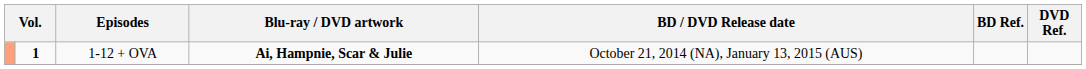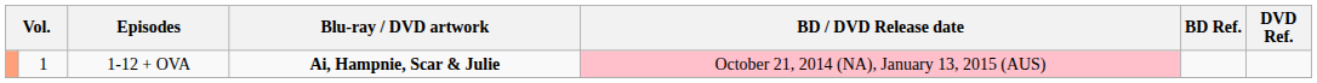 <table class="wikitable" style="text-align: center; width: 98%;">
 <tr>
 <th colspan="2">Vol.</th>
 <th>Episodes</th>
 <th>Blu-ray / DVD artwork</th>
 <th>BD / DVD Release date</th>
 <th width="5%">BD Ref.</th>
 <th width="5%">DVD Ref.</th>
 </tr>
 <tr>
 <td width="1%" style="background: LightSalmon;"></td>
-<td><strong>1</strong></td>
+<td>1</td>
 <td>1-12 + OVA</td>
 <td><strong>Ai, Hampnie, Scar & Julie</strong></td>
-<td>October 21, 2014 (NA), January 13, 2015 (AUS)</td>
+<td style="background: pink;">October 21, 2014 (NA), January 13, 2015 (AUS)</td>
 <td></td>
 <td></td>
 </tr>
 <tr>
 </tr>
 </table>
